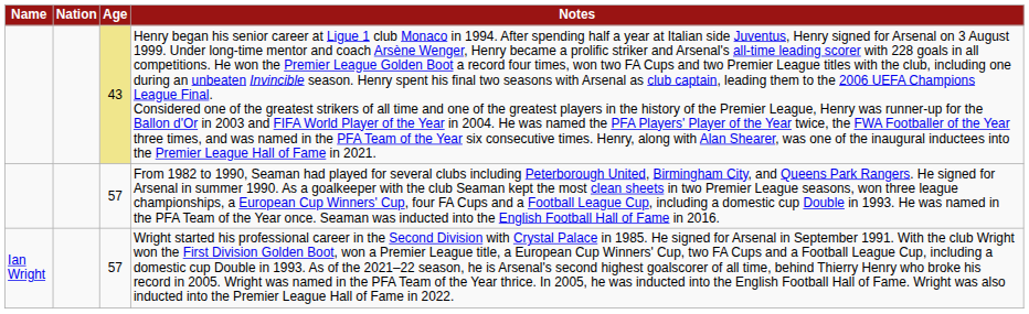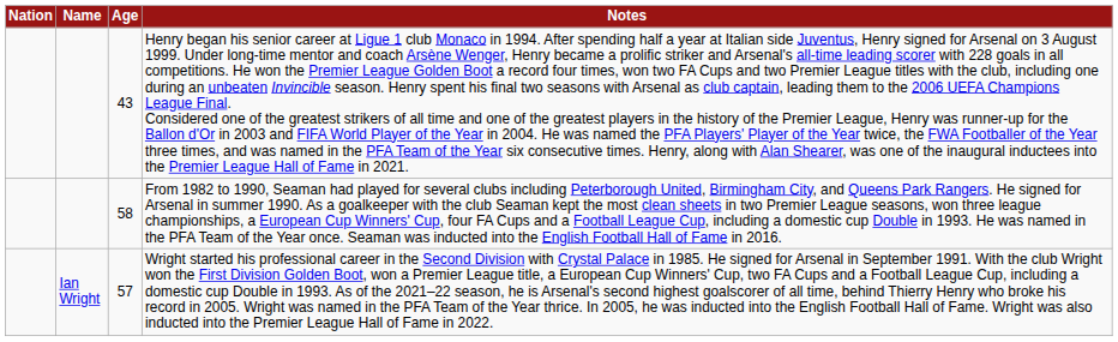 <table class="wikitable">
 <tr>
+<th style="background-color:#9a1413; color:white;">Nation</th>
 <th style="background-color:#9a1413; color:white;">Name</th>
-<th style="background-color:#9a1413; color:white;">Nation</th>
 <th style="background-color:#9a1413; color:white;">Age</th>
 <th style="background-color:#9a1413; color:white;">Notes</th>
 </tr>
 <tr>
 <td></td>
 <td></td>
-<td style="background: khaki; text-align:center;">43</td>
+<td style="text-align:center;">43</td>
 <td>Henry began his senior career at <a href='#'>Ligue 1</a> club <a href='#'>Monaco</a> in 1994. After spending half a year at Italian side <a href='#'>Juventus</a>, Henry signed for Arsenal on 3 August 1999. Under long-time mentor and coach <a href='#'>Arsène Wenger</a>, Henry became a prolific striker and Arsenal's <a href='#'>all-time leading scorer</a> with 228 goals in all competitions. He won the <a href='#'>Premier League Golden Boot</a> a record four times, won two FA Cups and two Premier League titles with the club, including one during an <a href='#'>unbeaten</a> <a href='#'><em>Invincible</em></a> season. Henry spent his final two seasons with Arsenal as <a href='#'>club captain</a>, leading them to the <a href='#'>2006 UEFA Champions League Final</a>.<br>Considered one of the greatest strikers of all time and one of the greatest players in the history of the Premier League, Henry was runner-up for the <a href='#'>Ballon d'Or</a> in 2003 and <a href='#'>FIFA World Player of the Year</a> in 2004. He was named the <a href='#'>PFA Players' Player of the Year</a> twice, the <a href='#'>FWA Footballer of the Year</a> three times, and was named in the <a href='#'>PFA Team of the Year</a> six consecutive times. Henry, along with <a href='#'>Alan Shearer</a>, was one of the inaugural inductees into the <a href='#'>Premier League Hall of Fame</a> in 2021.</td>
 </tr>
 <tr>
 <td></td>
 <td></td>
-<td style="text-align:center;">57</td>
+<td style="text-align:center;">58</td>
 <td>From 1982 to 1990, Seaman had played for several clubs including <a href='#'>Peterborough United</a>, <a href='#'>Birmingham City</a>, and <a href='#'>Queens Park Rangers</a>. He signed for Arsenal in summer 1990. As a goalkeeper with the club Seaman kept the most <a href='#'>clean sheets</a> in two Premier League seasons, won three league championships, a <a href='#'>European Cup Winners' Cup</a>, four FA Cups and a <a href='#'>Football League Cup</a>, including a domestic cup <a href='#'>Double</a> in 1993. He was named in the PFA Team of the Year once. Seaman was inducted into the <a href='#'>English Football Hall of Fame</a> in 2016.</td>
 </tr>
 <tr>
+<td></td>
 <td><a href='#'>Ian Wright</a></td>
-<td></td>
 <td style="text-align:center;">57</td>
 <td>Wright started his professional career in the <a href='#'>Second Division</a> with <a href='#'>Crystal Palace</a> in 1985. He signed for Arsenal in September 1991. With the club Wright won the <a href='#'>First Division Golden Boot</a>, won a Premier League title, a European Cup Winners' Cup, two FA Cups and a Football League Cup, including a domestic cup Double in 1993. As of the 2021–22 season, he is Arsenal's second highest goalscorer of all time, behind Thierry Henry who broke his record in 2005. Wright was named in the PFA Team of the Year thrice. In 2005, he was inducted into the English Football Hall of Fame. Wright was also inducted into the Premier League Hall of Fame in 2022.</td>
 </tr>
 </table>
